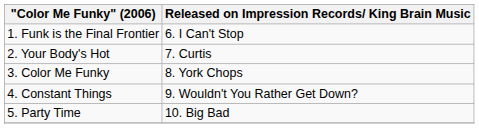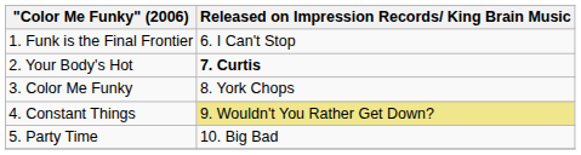 <table class="wikitable" border="1">
 <tr>
 <th>"Color Me Funky" (2006)</th>
 <th>Released on Impression Records/ King Brain Music</th>
 </tr>
 <tr>
 <td>1. Funk is the Final Frontier</td>
 <td>6. I Can't Stop</td>
 </tr>
 <tr>
 <td>2. Your Body's Hot</td>
-<td>7. Curtis</td>
+<td><strong>7. Curtis</strong></td>
 </tr>
 <tr>
 <td>3. Color Me Funky</td>
 <td>8. York Chops</td>
 </tr>
 <tr>
 <td>4. Constant Things</td>
-<td>9. Wouldn't You Rather Get Down?</td>
+<td style="background: khaki;">9. Wouldn't You Rather Get Down?</td>
 </tr>
 <tr>
 <td>5. Party Time</td>
 <td>10. Big Bad</td>
 </tr>
 <tr>
 </tr>
 </table>
